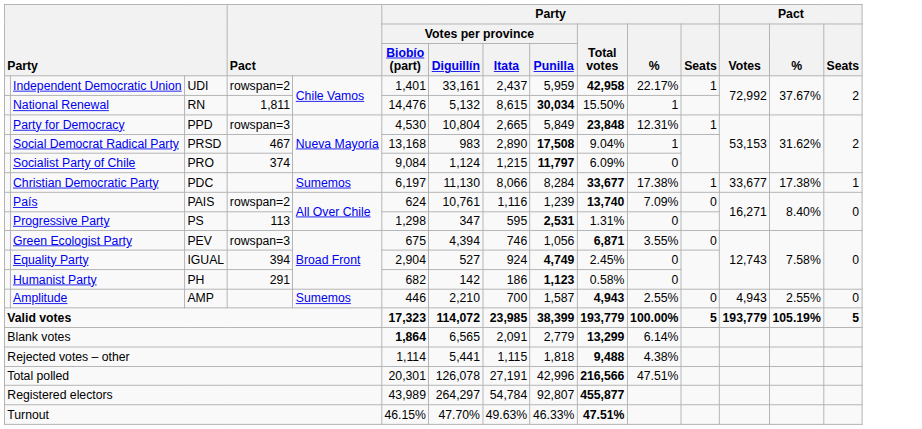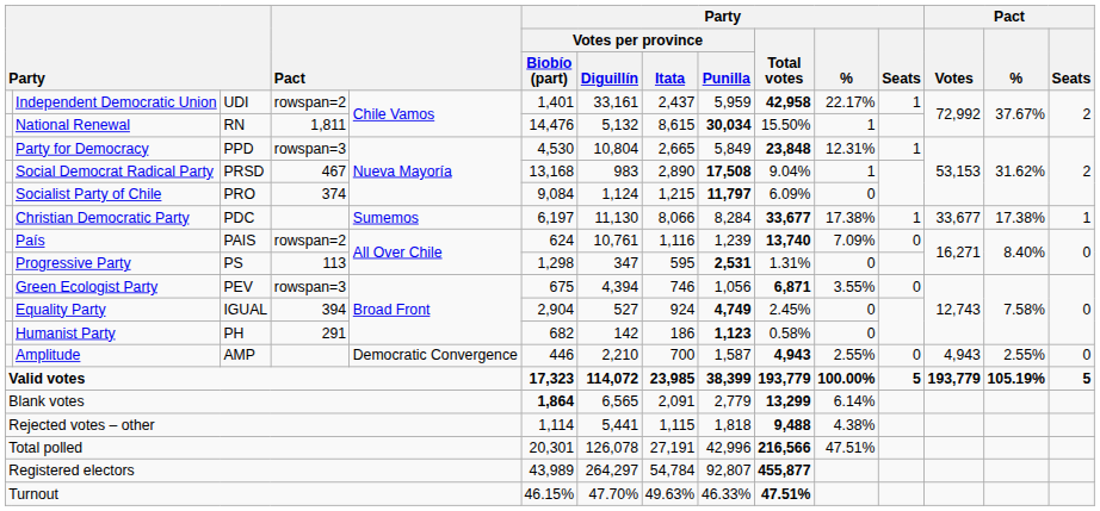 <table class="wikitable" border="1" style="font-size:90%; text-align:right; white-space: nowrap;">
 <tr>
 <th style="text-align:left;" valign=bottom rowspan=3 colspan=3>Party</th>
 <th style="text-align:left;" valign=bottom rowspan=3 colspan=2>Pact</th>
 <th colspan=7>Party</th>
 <th colspan=3>Pact</th>
 </tr>
 <tr>
 <th colspan=4>Votes per province</th>
 <th align=center valign=bottom rowspan=2 width="40">Total<br>votes</th>
 <th align=center valign=bottom rowspan=2 width="40">%</th>
 <th align=center valign=bottom rowspan=2>Seats</th>
 <th align=center valign=bottom rowspan=2 width="40">Votes</th>
 <th align=center valign=bottom rowspan=2 width="40">%</th>
 <th align=center valign=bottom rowspan=2>Seats</th>
 </tr>
 <tr>
 <th align=center valign=bottom width="40"><a href='#'>Biobío</a><br>(part)</th>
 <th align=center valign=bottom width="40"><a href='#'>Diguillín</a></th>
 <th align=center valign=bottom width="40"><a href='#'>Itata</a></th>
 <th align=center valign=bottom width="40"><a href='#'>Punilla</a></th>
 </tr>
 <tr>
 <td></td>
 <td align=left><a href='#'>Independent Democratic Union</a></td>
 <td align=left>UDI</td>
 <td>rowspan=2 </td>
 <td rowspan=2 align=left><a href='#'>Chile Vamos</a></td>
 <td>1,401</td>
 <td>33,161</td>
 <td>2,437</td>
 <td>5,959</td>
 <td><strong>42,958</strong></td>
 <td>22.17%</td>
 <td>1</td>
 <td rowspan=2>72,992</td>
 <td rowspan=2>37.67%</td>
 <td rowspan=2>2</td>
 </tr>
 <tr>
 <td></td>
 <td align=left><a href='#'>National Renewal</a></td>
 <td align=left>RN</td>
 <td>1,811</td>
 <td>14,476</td>
 <td>5,132</td>
 <td>8,615</td>
 <td><strong>30,034</strong></td>
 <td>15.50%</td>
 <td>1</td>
 </tr>
 <tr>
 <td></td>
 <td align=left><a href='#'>Party for Democracy</a></td>
 <td align=left>PPD</td>
 <td>rowspan=3 </td>
 <td rowspan=3 align=left><a href='#'>Nueva Mayoría</a></td>
 <td>4,530</td>
 <td>10,804</td>
 <td>2,665</td>
 <td>5,849</td>
 <td><strong>23,848</strong></td>
 <td>12.31%</td>
 <td>1</td>
 <td rowspan=3>53,153</td>
 <td rowspan=3>31.62%</td>
 <td rowspan=3>2</td>
 </tr>
 <tr>
 <td></td>
 <td align=left><a href='#'>Social Democrat Radical Party</a></td>
 <td align=left>PRSD</td>
 <td>467</td>
 <td>13,168</td>
 <td>983</td>
 <td>2,890</td>
 <td><strong>17,508</strong></td>
 <td>9.04%</td>
 <td>1</td>
 </tr>
 <tr>
 <td></td>
 <td align=left><a href='#'>Socialist Party of Chile</a></td>
 <td align=left>PRO</td>
 <td>374</td>
 <td>9,084</td>
 <td>1,124</td>
 <td>1,215</td>
 <td><strong>11,797</strong></td>
 <td>6.09%</td>
 <td>0</td>
 </tr>
 <tr>
 <td></td>
 <td align=left><a href='#'>Christian Democratic Party</a></td>
 <td align=left>PDC</td>
 <td></td>
 <td align=left><a href='#'>Sumemos</a></td>
 <td>6,197</td>
 <td>11,130</td>
 <td>8,066</td>
 <td>8,284</td>
 <td><strong>33,677</strong></td>
 <td>17.38%</td>
 <td>1</td>
 <td>33,677</td>
 <td>17.38%</td>
 <td>1</td>
 </tr>
 <tr>
 <td></td>
 <td align=left><a href='#'>País</a></td>
 <td align=left>PAIS</td>
 <td>rowspan=2 </td>
 <td rowspan=2 align=left><a href='#'>All Over Chile</a></td>
 <td>624</td>
 <td>10,761</td>
 <td>1,116</td>
 <td>1,239</td>
 <td><strong>13,740</strong></td>
 <td>7.09%</td>
 <td>0</td>
 <td rowspan=2>16,271</td>
 <td rowspan=2>8.40%</td>
 <td rowspan=2>0</td>
 </tr>
 <tr>
 <td></td>
 <td align=left><a href='#'>Progressive Party</a></td>
 <td align=left>PS</td>
 <td>113</td>
 <td>1,298</td>
 <td>347</td>
 <td>595</td>
 <td><strong>2,531</strong></td>
 <td>1.31%</td>
 <td>0</td>
 </tr>
 <tr>
 <td></td>
 <td align=left><a href='#'>Green Ecologist Party</a></td>
 <td align=left>PEV</td>
 <td>rowspan=3 </td>
 <td rowspan=3 align=left><a href='#'>Broad Front</a></td>
 <td>675</td>
 <td>4,394</td>
 <td>746</td>
 <td>1,056</td>
 <td><strong>6,871</strong></td>
 <td>3.55%</td>
 <td>0</td>
 <td rowspan=3>12,743</td>
 <td rowspan=3>7.58%</td>
 <td rowspan=3>0</td>
 </tr>
 <tr>
 <td></td>
 <td align=left><a href='#'>Equality Party</a></td>
 <td align=left>IGUAL</td>
 <td>394</td>
 <td>2,904</td>
 <td>527</td>
 <td>924</td>
 <td><strong>4,749</strong></td>
 <td>2.45%</td>
 <td>0</td>
 </tr>
 <tr>
 <td></td>
 <td align=left><a href='#'>Humanist Party</a></td>
 <td align=left>PH</td>
 <td>291</td>
 <td>682</td>
 <td>142</td>
 <td>186</td>
 <td><strong>1,123</strong></td>
 <td>0.58%</td>
 <td>0</td>
 </tr>
 <tr>
 <td></td>
 <td align=left><a href='#'>Amplitude</a></td>
 <td align=left>AMP</td>
 <td></td>
-<td align=left><a href='#'>Sumemos</a></td>
+<td align=left>Democratic Convergence</td>
 <td>446</td>
 <td>2,210</td>
 <td>700</td>
 <td>1,587</td>
 <td><strong>4,943</strong></td>
 <td>2.55%</td>
 <td>0</td>
 <td>4,943</td>
 <td>2.55%</td>
 <td>0</td>
 </tr>
 <tr style="font-weight:bold">
 <td align=left colspan=5>Valid votes</td>
 <td>17,323</td>
 <td>114,072</td>
 <td>23,985</td>
 <td>38,399</td>
 <td>193,779</td>
 <td>100.00%</td>
 <td>5</td>
 <td>193,779</td>
 <td>105.19%</td>
 <td>5</td>
 </tr>
 <tr>
 <td align=left colspan=5>Blank votes</td>
 <td><strong>1,864</strong></td>
 <td>6,565</td>
 <td>2,091</td>
 <td>2,779</td>
 <td><strong>13,299</strong></td>
 <td>6.14%</td>
 <td></td>
 <td></td>
 <td></td>
 <td></td>
 </tr>
 <tr>
 <td align=left colspan=5>Rejected votes – other</td>
 <td>1,114</td>
 <td>5,441</td>
 <td>1,115</td>
 <td>1,818</td>
 <td><strong>9,488</strong></td>
 <td>4.38%</td>
 <td></td>
 <td></td>
 <td></td>
 <td></td>
 </tr>
 <tr>
 <td align=left colspan=5>Total polled</td>
 <td>20,301</td>
 <td>126,078</td>
 <td>27,191</td>
 <td>42,996</td>
 <td><strong>216,566</strong></td>
 <td>47.51%</td>
 <td></td>
 <td></td>
 <td></td>
 <td></td>
 </tr>
 <tr>
 <td align=left colspan=5>Registered electors</td>
 <td>43,989</td>
 <td>264,297</td>
 <td>54,784</td>
 <td>92,807</td>
 <td><strong>455,877</strong></td>
 <td></td>
 <td></td>
 <td></td>
 <td></td>
 <td></td>
 </tr>
 <tr>
 <td align=left colspan=5>Turnout</td>
 <td>46.15%</td>
 <td>47.70%</td>
 <td>49.63%</td>
 <td>46.33%</td>
 <td><strong>47.51%</strong></td>
 <td></td>
 <td></td>
 <td></td>
 <td></td>
 <td></td>
 </tr>
 </table>
